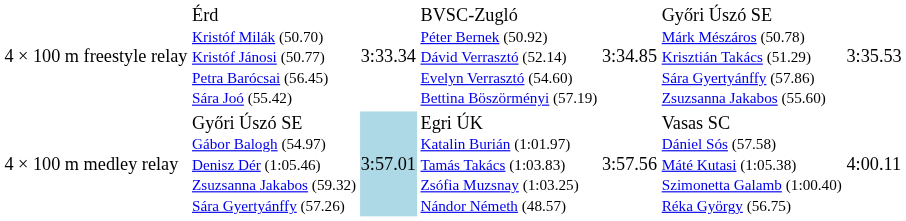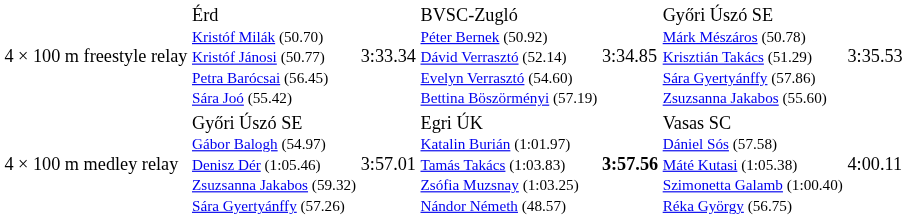 <table>
 <tr>
 <td>4 × 100 m freestyle relay</td>
 <td>Érd<br><small><a href='#'>Kristóf Milák</a> (50.70)<br> <a href='#'>Kristóf Jánosi</a> (50.77)<br> <a href='#'>Petra Barócsai</a> (56.45)<br> <a href='#'>Sára Joó</a> (55.42)</small></td>
 <td>3:33.34</td>
 <td>BVSC-Zugló<br><small><a href='#'>Péter Bernek</a> (50.92)<br> <a href='#'>Dávid Verrasztó</a> (52.14)<br> <a href='#'>Evelyn Verrasztó</a> (54.60)<br> <a href='#'>Bettina Böszörményi</a> (57.19)</small></td>
 <td>3:34.85</td>
 <td>Győri Úszó SE<br><small><a href='#'>Márk Mészáros</a> (50.78)<br> <a href='#'>Krisztián Takács</a> (51.29)<br> <a href='#'>Sára Gyertyánffy</a> (57.86)<br> <a href='#'>Zsuzsanna Jakabos</a> (55.60)</small></td>
 <td>3:35.53</td>
 </tr>
 <tr>
 <td>4 × 100 m medley relay</td>
 <td>Győri Úszó SE<br><small><a href='#'>Gábor Balogh</a> (54.97)<br> <a href='#'>Denisz Dér</a> (1:05.46)<br> <a href='#'>Zsuzsanna Jakabos</a> (59.32)<br> <a href='#'>Sára Gyertyánffy</a> (57.26)</small></td>
-<td style="background: lightblue;">3:57.01</td>
+<td>3:57.01</td>
 <td>Egri ÚK<br><small><a href='#'>Katalin Burián</a> (1:01.97)<br> <a href='#'>Tamás Takács</a> (1:03.83)<br> <a href='#'>Zsófia Muzsnay</a> (1:03.25)<br> <a href='#'>Nándor Németh</a> (48.57)</small></td>
-<td>3:57.56</td>
+<td><strong>3:57.56</strong></td>
 <td>Vasas SC<br><small><a href='#'>Dániel Sós</a> (57.58)<br> <a href='#'>Máté Kutasi</a> (1:05.38)<br> <a href='#'>Szimonetta Galamb</a> (1:00.40)<br> <a href='#'>Réka György</a> (56.75)</small></td>
 <td>4:00.11</td>
 </tr>
 </table>
